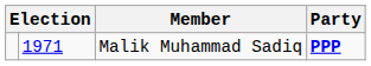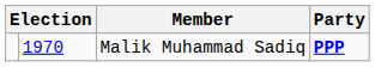 <table class="wikitable">
 <tr>
 <th colspan="2">Election</th>
 <th>Member</th>
 <th>Party</th>
 </tr>
 <tr>
 <td style="background-color: "></td>
-<td><a href='#'>1971</a></td>
+<td><a href='#'>1970</a></td>
 <td>Malik Muhammad Sadiq</td>
 <td><strong><a href='#'>PPP</a></strong></td>
 </tr>
 </table>
